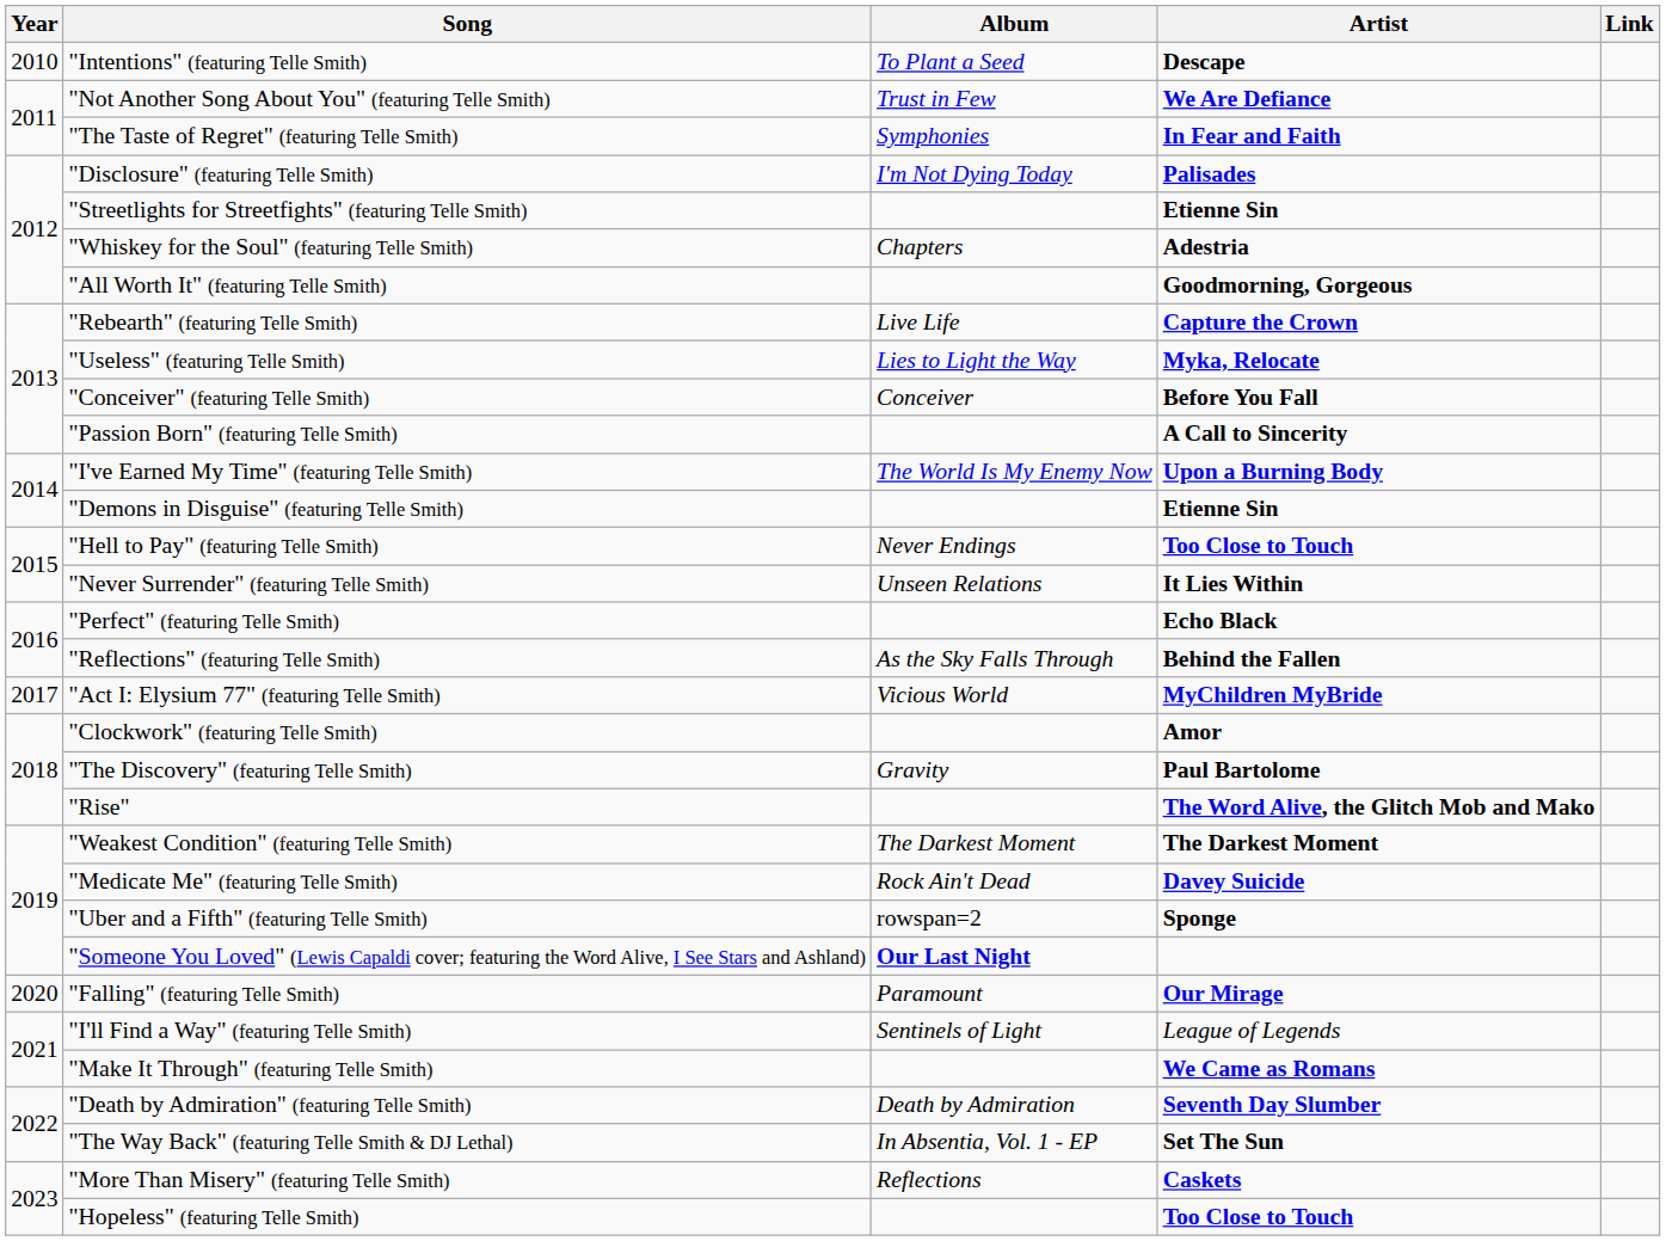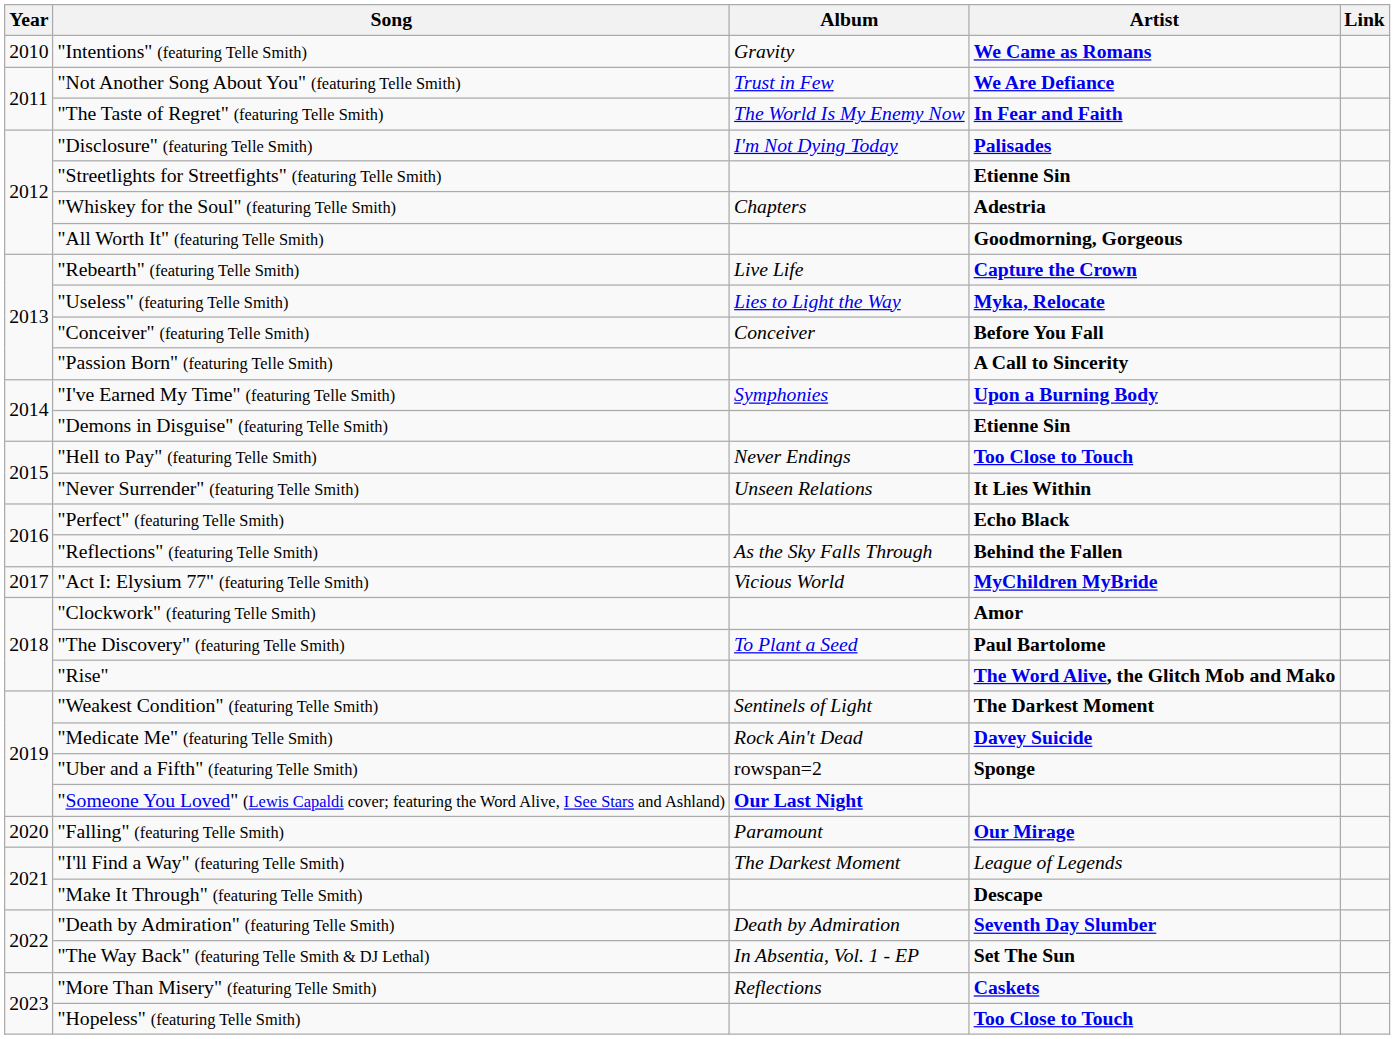 <table class="wikitable">
 <tr>
 <th>Year</th>
 <th>Song</th>
 <th>Album</th>
 <th>Artist</th>
 <th>Link</th>
 </tr>
 <tr>
 <td>2010</td>
 <td>"Intentions" <small>(featuring Telle Smith)</small></td>
-<td><em><a href='#'>To Plant a Seed</a></em></td>
-<td><strong>Descape</strong></td>
+<td><em>Gravity</em></td>
+<td><strong><a href='#'>We Came as Romans</a></strong></td>
 <td></td>
 </tr>
 <tr>
 <td rowspan=2>2011</td>
 <td>"Not Another Song About You" <small>(featuring Telle Smith)</small></td>
 <td><em><a href='#'>Trust in Few</a></em></td>
 <td><strong><a href='#'>We Are Defiance</a></strong></td>
 <td></td>
 </tr>
 <tr>
 <td>"The Taste of Regret" <small>(featuring Telle Smith)</small></td>
-<td><em><a href='#'>Symphonies</a></em></td>
+<td><em><a href='#'>The World Is My Enemy Now</a></em></td>
 <td><strong><a href='#'>In Fear and Faith</a></strong></td>
 <td></td>
 </tr>
 <tr>
 <td rowspan=4>2012</td>
 <td>"Disclosure" <small>(featuring Telle Smith)</small></td>
 <td><em><a href='#'>I'm Not Dying Today</a></em></td>
 <td><strong><a href='#'>Palisades</a></strong></td>
 <td></td>
 </tr>
 <tr>
 <td>"Streetlights for Streetfights" <small>(featuring Telle Smith)</small></td>
 <td></td>
 <td><strong>Etienne Sin</strong></td>
 <td></td>
 </tr>
 <tr>
 <td>"Whiskey for the Soul" <small>(featuring Telle Smith)</small></td>
 <td><em>Chapters</em></td>
 <td><strong>Adestria</strong></td>
 <td></td>
 </tr>
 <tr>
 <td>"All Worth It" <small>(featuring Telle Smith)</small></td>
 <td></td>
 <td><strong>Goodmorning, Gorgeous</strong></td>
 <td></td>
 </tr>
 <tr>
 <td rowspan=4>2013</td>
 <td>"Rebearth" <small>(featuring Telle Smith)</small></td>
 <td><em>Live Life</em></td>
 <td><strong><a href='#'>Capture the Crown</a></strong></td>
 <td></td>
 </tr>
 <tr>
 <td>"Useless" <small>(featuring Telle Smith)</small></td>
 <td><em><a href='#'>Lies to Light the Way</a></em></td>
 <td><strong><a href='#'>Myka, Relocate</a></strong></td>
 <td></td>
 </tr>
 <tr>
 <td>"Conceiver" <small>(featuring Telle Smith)</small></td>
 <td><em>Conceiver</em></td>
 <td><strong>Before You Fall</strong></td>
 <td></td>
 </tr>
 <tr>
 <td>"Passion Born" <small>(featuring Telle Smith)</small></td>
 <td></td>
 <td><strong>A Call to Sincerity</strong></td>
 <td></td>
 </tr>
 <tr>
 <td rowspan=2>2014</td>
 <td>"I've Earned My Time" <small>(featuring Telle Smith)</small></td>
-<td><em><a href='#'>The World Is My Enemy Now</a></em></td>
+<td><em><a href='#'>Symphonies</a></em></td>
 <td><strong><a href='#'>Upon a Burning Body</a></strong></td>
 <td></td>
 </tr>
 <tr>
 <td>"Demons in Disguise" <small>(featuring Telle Smith)</small></td>
 <td></td>
 <td><strong>Etienne Sin</strong></td>
 <td></td>
 </tr>
 <tr>
 <td rowspan=2>2015</td>
 <td>"Hell to Pay" <small>(featuring Telle Smith)</small></td>
 <td><em>Never Endings</em></td>
 <td><strong><a href='#'>Too Close to Touch</a></strong></td>
 <td></td>
 </tr>
 <tr>
 <td>"Never Surrender" <small>(featuring Telle Smith)</small></td>
 <td><em>Unseen Relations</em></td>
 <td><strong>It Lies Within</strong></td>
 <td></td>
 </tr>
 <tr>
 <td rowspan=2>2016</td>
 <td>"Perfect" <small>(featuring Telle Smith)</small></td>
 <td></td>
 <td><strong>Echo Black</strong></td>
 <td></td>
 </tr>
 <tr>
 <td>"Reflections" <small>(featuring Telle Smith)</small></td>
 <td><em>As the Sky Falls Through</em></td>
 <td><strong>Behind the Fallen</strong></td>
 <td></td>
 </tr>
 <tr>
 <td>2017</td>
 <td>"Act I: Elysium 77" <small>(featuring Telle Smith)</small></td>
 <td><em>Vicious World</em></td>
 <td><strong><a href='#'>MyChildren MyBride</a></strong></td>
 <td></td>
 </tr>
 <tr>
 <td rowspan=3>2018</td>
 <td>"Clockwork" <small>(featuring Telle Smith)</small></td>
 <td></td>
 <td><strong>Amor</strong></td>
 <td></td>
 </tr>
 <tr>
 <td>"The Discovery" <small>(featuring Telle Smith)</small></td>
-<td><em>Gravity</em></td>
+<td><em><a href='#'>To Plant a Seed</a></em></td>
 <td><strong>Paul Bartolome</strong></td>
 <td></td>
 </tr>
 <tr>
 <td>"Rise"</td>
 <td></td>
 <td><strong><a href='#'>The Word Alive</a>, the Glitch Mob and Mako</strong></td>
 <td></td>
 </tr>
 <tr>
 <td rowspan=4>2019</td>
 <td>"Weakest Condition" <small>(featuring Telle Smith)</small></td>
-<td><em>The Darkest Moment</em></td>
+<td><em>Sentinels of Light</em></td>
 <td><strong>The Darkest Moment</strong></td>
 <td></td>
 </tr>
 <tr>
 <td>"Medicate Me" <small>(featuring Telle Smith)</small></td>
 <td><em>Rock Ain't Dead</em></td>
 <td><strong><a href='#'>Davey Suicide</a></strong></td>
 <td></td>
 </tr>
 <tr>
 <td>"Uber and a Fifth" <small>(featuring Telle Smith)</small></td>
 <td>rowspan=2 </td>
 <td><strong>Sponge</strong></td>
 <td></td>
 </tr>
 <tr>
 <td>"<a href='#'>Someone You Loved</a>" <small>(<a href='#'>Lewis Capaldi</a> cover; featuring the Word Alive, <a href='#'>I See Stars</a> and Ashland)</small></td>
 <td><strong><a href='#'>Our Last Night</a></strong></td>
 <td></td>
 </tr>
 <tr>
 <td>2020</td>
 <td>"Falling" <small>(featuring Telle Smith)</small></td>
 <td><em>Paramount</em></td>
 <td><strong><a href='#'>Our Mirage</a></strong></td>
 <td></td>
 </tr>
 <tr>
 <td rowspan=2>2021</td>
 <td>"I'll Find a Way" <small>(featuring Telle Smith)</small></td>
-<td><em>Sentinels of Light</em></td>
+<td><em>The Darkest Moment</em></td>
 <td><em>League of Legends</em></td>
 <td></td>
 </tr>
 <tr>
 <td>"Make It Through" <small>(featuring Telle Smith)</small></td>
 <td></td>
-<td><strong><a href='#'>We Came as Romans</a></strong></td>
+<td><strong>Descape</strong></td>
 <td></td>
 </tr>
 <tr>
 <td rowspan=2>2022</td>
 <td>"Death by Admiration" <small>(featuring Telle Smith)</small></td>
 <td><em>Death by Admiration</em></td>
 <td><strong><a href='#'>Seventh Day Slumber</a></strong></td>
 <td></td>
 </tr>
 <tr>
 <td>"The Way Back" <small>(featuring Telle Smith & DJ Lethal)</small></td>
 <td><em>In Absentia, Vol. 1 - EP</em></td>
 <td><strong>Set The Sun</strong></td>
 <td></td>
 </tr>
 <tr>
 <td rowspan="2">2023</td>
 <td>"More Than Misery" <small>(featuring Telle Smith)</small></td>
 <td><em>Reflections</em></td>
 <td><strong><a href='#'>Caskets</a></strong></td>
 <td></td>
 </tr>
 <tr>
 <td>"Hopeless" <small>(featuring Telle Smith)</small></td>
 <td></td>
 <td><strong><a href='#'>Too Close to Touch</a></strong></td>
 <td></td>
 </tr>
 </table>
